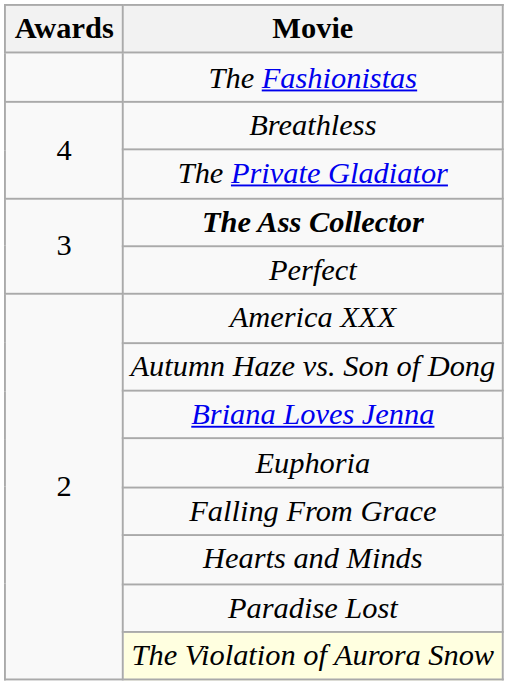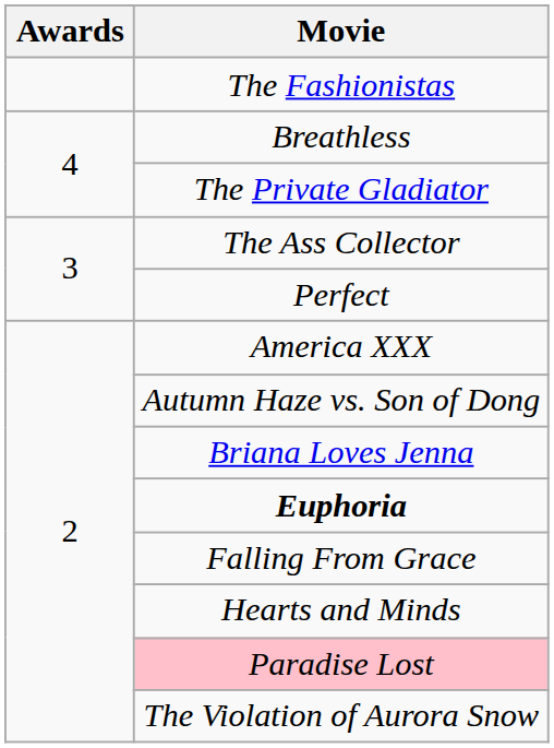 <table class="wikitable" style="text-align:center;">
 <tr>
 <th scope="col" width="55">Awards</th>
 <th scope="col" align="center">Movie</th>
 </tr>
 <tr>
 <td></td>
 <td><em>The <a href='#'>Fashionistas</a></em></td>
 </tr>
 <tr>
 <td rowspan=2 style="text-align:center">4</td>
 <td><em>Breathless</em></td>
 </tr>
 <tr>
 <td><em>The <a href='#'>Private Gladiator</a></em></td>
 </tr>
 <tr>
 <td rowspan=2 style="text-align:center">3</td>
-<td><strong><em>The Ass Collector</em></strong></td>
+<td><em>The Ass Collector</em></td>
 </tr>
 <tr>
 <td><em>Perfect</em></td>
 </tr>
 <tr>
 <td rowspan=8 style="text-align:center">2</td>
 <td><em>America XXX</em></td>
 </tr>
 <tr>
 <td><em>Autumn Haze vs. Son of Dong</em></td>
 </tr>
 <tr>
 <td><em><a href='#'>Briana Loves Jenna</a></em></td>
 </tr>
 <tr>
-<td><em>Euphoria</em></td>
+<td><strong><em>Euphoria</em></strong></td>
 </tr>
 <tr>
 <td><em>Falling From Grace</em></td>
 </tr>
 <tr>
 <td><em>Hearts and Minds</em></td>
 </tr>
 <tr>
-<td><em>Paradise Lost</em></td>
+<td style="background: pink;"><em>Paradise Lost</em></td>
 </tr>
 <tr>
-<td style="background: lightyellow;"><em>The Violation of Aurora Snow</em></td>
+<td><em>The Violation of Aurora Snow</em></td>
 </tr>
 </table>
